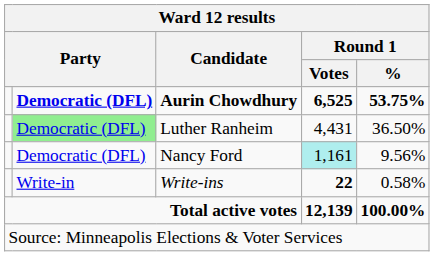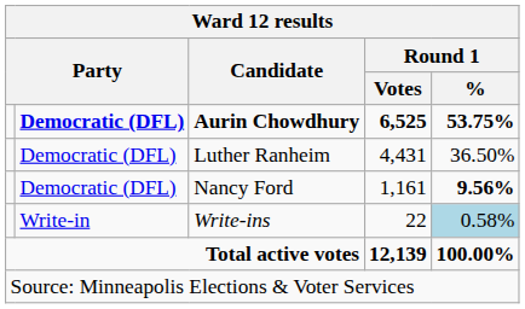 <table class="wikitable">
 <tr>
 <th colspan="5">Ward 12 results</th>
 </tr>
 <tr>
 <th rowspan="2" colspan="2">Party</th>
 <th rowspan="2">Candidate</th>
 <th colspan="2">Round 1</th>
 </tr>
 <tr>
 <th>Votes</th>
 <th>%</th>
 </tr>
 <tr>
 <td style="background-color:"></td>
 <td><strong><a href='#'>Democratic (DFL)</a></strong></td>
 <td><strong>Aurin Chowdhury</strong></td>
 <td align="right"><strong>6,525</strong></td>
 <td align="right"><strong>53.75%</strong></td>
 </tr>
 <tr>
 <td style="background-color:"></td>
-<td style="background: lightgreen;"><a href='#'>Democratic (DFL)</a></td>
+<td><a href='#'>Democratic (DFL)</a></td>
 <td>Luther Ranheim</td>
 <td align="right">4,431</td>
 <td align="right">36.50%</td>
 </tr>
 <tr>
 <td style="background-color:"></td>
 <td><a href='#'>Democratic (DFL)</a></td>
 <td>Nancy Ford</td>
-<td align="right" style="background: paleturquoise;">1,161</td>
-<td align="right">9.56%</td>
+<td align="right">1,161</td>
+<td align="right"><strong>9.56%</strong></td>
 </tr>
 <tr>
 <td style="background-color:"></td>
 <td><a href='#'>Write-in</a></td>
 <td><em>Write-ins</em></td>
-<td align="right"><strong>22</strong></td>
-<td align="right">0.58%</td>
+<td align="right">22</td>
+<td align="right" style="background: lightblue;">0.58%</td>
 </tr>
 <tr align="right">
 <td colspan="3"><strong>Total active votes</strong></td>
 <td><strong>12,139</strong></td>
 <td><strong>100.00%</strong></td>
 </tr>
 <tr>
 <td colspan="7">Source: Minneapolis Elections & Voter Services</td>
 </tr>
 </table>
